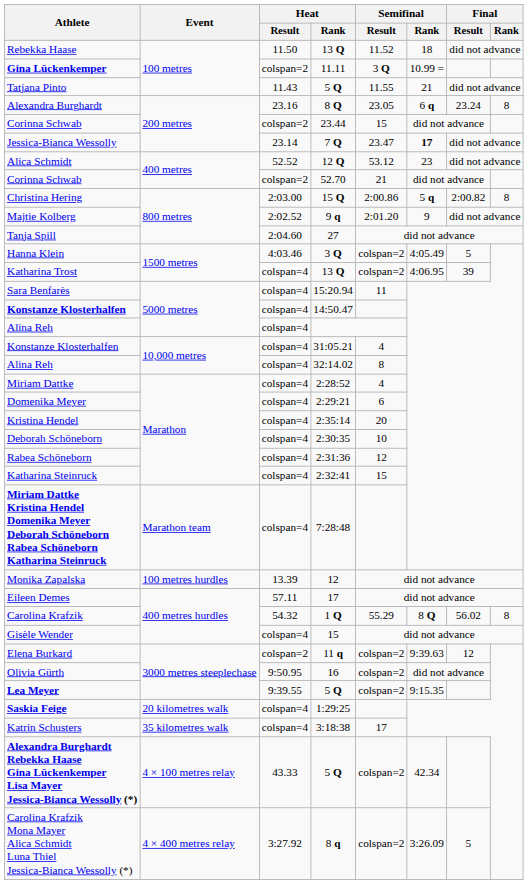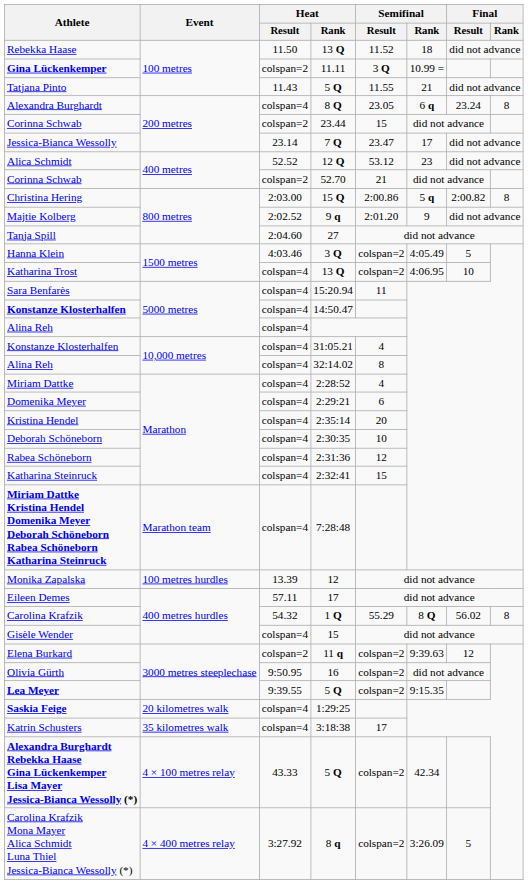 <table class=wikitable style=font-size:90%>
 <tr>
 <th rowspan=2>Athlete</th>
 <th rowspan=2>Event</th>
 <th colspan=2>Heat</th>
 <th colspan=2>Semifinal</th>
 <th colspan=2>Final</th>
 </tr>
 <tr style=font-size:95%>
 <th>Result</th>
 <th>Rank</th>
 <th>Result</th>
 <th>Rank</th>
 <th>Result</th>
 <th>Rank</th>
 </tr>
 <tr align=center>
 <td align=left><a href='#'>Rebekka Haase</a></td>
 <td align=left rowspan=3><a href='#'>100 metres</a></td>
 <td>11.50</td>
 <td>13 <strong>Q</strong></td>
 <td>11.52</td>
 <td>18</td>
 <td colspan=2>did not advance</td>
 </tr>
 <tr align=center>
 <td align=left><strong><a href='#'>Gina Lückenkemper</a></strong></td>
 <td>colspan=2</td>
 <td>11.11</td>
 <td>3 <strong>Q</strong></td>
 <td>10.99 =</td>
 <td></td>
 </tr>
 <tr align=center>
 <td align=left><a href='#'>Tatjana Pinto</a></td>
 <td>11.43</td>
 <td>5 <strong>Q</strong></td>
 <td>11.55</td>
 <td>21</td>
 <td colspan=2>did not advance</td>
 </tr>
 <tr align=center>
 <td align=left><a href='#'>Alexandra Burghardt</a></td>
 <td align=left rowspan=3><a href='#'>200 metres</a></td>
-<td>23.16</td>
+<td>colspan=4</td>
 <td>8 <strong>Q</strong></td>
 <td>23.05</td>
 <td>6 <strong>q</strong></td>
 <td>23.24</td>
 <td>8</td>
 </tr>
 <tr align=center>
 <td align=left><a href='#'>Corinna Schwab</a></td>
 <td>colspan=2</td>
 <td>23.44</td>
 <td>15</td>
 <td colspan=2>did not advance</td>
 </tr>
 <tr align=center>
 <td align=left><a href='#'>Jessica-Bianca Wessolly</a></td>
 <td>23.14 </td>
 <td>7 <strong>Q</strong></td>
 <td>23.47</td>
-<td><strong>17</strong></td>
+<td>17</td>
 <td colspan=2>did not advance</td>
 </tr>
 <tr align=center>
 <td align=left><a href='#'>Alica Schmidt</a></td>
 <td align=left rowspan=2><a href='#'>400 metres</a></td>
 <td>52.52</td>
 <td>12 <strong>Q</strong></td>
 <td>53.12</td>
 <td>23</td>
 <td colspan=2>did not advance</td>
 </tr>
 <tr align=center>
 <td align=left><a href='#'>Corinna Schwab</a></td>
 <td>colspan=2</td>
 <td>52.70</td>
 <td>21</td>
 <td colspan=2>did not advance</td>
 </tr>
 <tr align=center>
 <td align=left><a href='#'>Christina Hering</a></td>
 <td align=left rowspan=3><a href='#'>800 metres</a></td>
 <td>2:03.00</td>
 <td>15 <strong>Q</strong></td>
 <td>2:00.86</td>
 <td>5 <strong>q</strong></td>
 <td>2:00.82</td>
 <td>8</td>
 </tr>
 <tr align=center>
 <td align=left><a href='#'>Majtie Kolberg</a></td>
 <td>2:02.52</td>
 <td>9 <strong>q</strong></td>
 <td>2:01.20 </td>
 <td>9</td>
 <td colspan=2>did not advance</td>
 </tr>
 <tr align=center>
 <td align=left><a href='#'>Tanja Spill</a></td>
 <td>2:04.60</td>
 <td>27</td>
 <td colspan=4>did not advance</td>
 </tr>
 <tr align=center>
 <td align=left><a href='#'>Hanna Klein</a></td>
 <td align=left rowspan=2><a href='#'>1500 metres</a></td>
 <td>4:03.46 </td>
 <td>3 <strong>Q</strong></td>
 <td>colspan=2</td>
 <td>4:05.49</td>
 <td>5</td>
 </tr>
 <tr align=center>
 <td align=left><a href='#'>Katharina Trost</a></td>
 <td>colspan=4</td>
 <td>13 <strong>Q</strong></td>
 <td>colspan=2</td>
 <td>4:06.95</td>
-<td>39</td>
+<td>10</td>
 </tr>
 <tr align=center>
 <td align=left><a href='#'>Sara Benfarès</a></td>
 <td align=left rowspan=3><a href='#'>5000 metres</a></td>
 <td>colspan=4</td>
 <td>15:20.94 </td>
 <td>11</td>
 </tr>
 <tr align=center>
 <td align=left><strong><a href='#'>Konstanze Klosterhalfen</a></strong></td>
 <td>colspan=4</td>
 <td>14:50.47</td>
 <td></td>
 </tr>
 <tr align=center>
 <td align=left><a href='#'>Alina Reh</a></td>
 <td>colspan=4</td>
 <td colspan=2></td>
 </tr>
 <tr align=center>
 <td align=left><a href='#'>Konstanze Klosterhalfen</a></td>
 <td align=left rowspan=2><a href='#'>10,000 metres</a></td>
 <td>colspan=4</td>
 <td>31:05.21</td>
 <td>4</td>
 </tr>
 <tr align=center>
 <td align=left><a href='#'>Alina Reh</a></td>
 <td>colspan=4</td>
 <td>32:14.02</td>
 <td>8</td>
 </tr>
 <tr align=center>
 <td align=left><a href='#'>Miriam Dattke</a></td>
 <td align=left rowspan=6><a href='#'>Marathon</a></td>
 <td>colspan=4</td>
 <td>2:28:52</td>
 <td>4</td>
 </tr>
 <tr align=center>
 <td align=left><a href='#'>Domenika Meyer</a></td>
 <td>colspan=4</td>
 <td>2:29:21</td>
 <td>6</td>
 </tr>
 <tr align=center>
 <td align=left><a href='#'>Kristina Hendel</a></td>
 <td>colspan=4</td>
 <td>2:35:14</td>
 <td>20</td>
 </tr>
 <tr align=center>
 <td align=left><a href='#'>Deborah Schöneborn</a></td>
 <td>colspan=4</td>
 <td>2:30:35</td>
 <td>10</td>
 </tr>
 <tr align=center>
 <td align=left><a href='#'>Rabea Schöneborn</a></td>
 <td>colspan=4</td>
 <td>2:31:36</td>
 <td>12</td>
 </tr>
 <tr align=center>
 <td align=left><a href='#'>Katharina Steinruck</a></td>
 <td>colspan=4</td>
 <td>2:32:41 </td>
 <td>15</td>
 </tr>
 <tr align=center>
 <td align=left><strong><a href='#'>Miriam Dattke</a><br><a href='#'>Kristina Hendel</a><br><a href='#'>Domenika Meyer</a><br><a href='#'>Deborah Schöneborn</a><br><a href='#'>Rabea Schöneborn</a><br><a href='#'>Katharina Steinruck</a></strong></td>
 <td align=left><a href='#'>Marathon team</a></td>
 <td>colspan=4</td>
 <td>7:28:48</td>
 <td></td>
 </tr>
 <tr align=center>
 <td align=left><a href='#'>Monika Zapalska</a></td>
 <td align=left><a href='#'>100 metres hurdles</a></td>
 <td>13.39</td>
 <td>12</td>
 <td colspan=4>did not advance</td>
 </tr>
 <tr align=center>
 <td align=left><a href='#'>Eileen Demes</a></td>
 <td align=left rowspan=3><a href='#'>400 metres hurdles</a></td>
 <td>57.11</td>
 <td>17</td>
 <td colspan=4>did not advance</td>
 </tr>
 <tr align=center>
 <td align=left><a href='#'>Carolina Krafzik</a></td>
 <td>54.32 </td>
 <td>1 <strong>Q</strong></td>
 <td>55.29</td>
 <td>8 <strong>Q</strong></td>
 <td>56.02</td>
 <td>8</td>
 </tr>
 <tr align=center>
 <td align=left><a href='#'>Gisèle Wender</a></td>
 <td>colspan=4</td>
 <td>15</td>
 <td colspan=4>did not advance</td>
 </tr>
 <tr align=center>
 <td align=left><a href='#'>Elena Burkard</a></td>
 <td align=left rowspan=3><a href='#'>3000 metres steeplechase</a></td>
 <td>colspan=2</td>
 <td>11 <strong>q</strong></td>
 <td>colspan=2</td>
 <td>9:39.63 </td>
 <td>12</td>
 </tr>
 <tr align=center>
 <td align=left><a href='#'>Olivia Gürth</a></td>
 <td>9:50.95</td>
 <td>16</td>
 <td>colspan=2</td>
 <td colspan=2>did not advance</td>
 </tr>
 <tr align=center>
 <td align=left><strong><a href='#'>Lea Meyer</a></strong></td>
 <td>9:39.55</td>
 <td>5 <strong>Q</strong></td>
 <td>colspan=2</td>
 <td>9:15.35 </td>
 <td></td>
 </tr>
 <tr align=center>
 <td align=left><strong><a href='#'>Saskia Feige</a></strong></td>
 <td align=left><a href='#'>20 kilometres walk</a></td>
 <td>colspan=4</td>
 <td>1:29:25 </td>
 <td></td>
 </tr>
 <tr align=center>
 <td align=left><a href='#'>Katrin Schusters</a></td>
 <td align=left><a href='#'>35 kilometres walk</a></td>
 <td>colspan=4</td>
 <td>3:18:38</td>
 <td>17</td>
 </tr>
 <tr align=center>
 <td align=left><strong><a href='#'>Alexandra Burghardt</a><br><a href='#'>Rebekka Haase</a><br><a href='#'>Gina Lückenkemper</a><br><a href='#'>Lisa Mayer</a><br><a href='#'>Jessica-Bianca Wessolly</a> (*)</strong></td>
 <td align=left><a href='#'>4 × 100 metres relay</a></td>
 <td>43.33</td>
 <td>5 <strong>Q</strong></td>
 <td>colspan=2</td>
 <td>42.34</td>
 <td></td>
 </tr>
 <tr align=center>
 <td align=left><a href='#'>Carolina Krafzik</a><br><a href='#'>Mona Mayer</a><br><a href='#'>Alica Schmidt</a><br><a href='#'>Luna Thiel</a><br><a href='#'>Jessica-Bianca Wessolly</a> (*)</td>
 <td align=left><a href='#'>4 × 400 metres relay</a></td>
 <td>3:27.92</td>
 <td>8 <strong>q</strong></td>
 <td>colspan=2</td>
 <td>3:26.09 </td>
 <td>5</td>
 </tr>
 </table>
